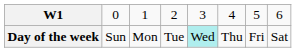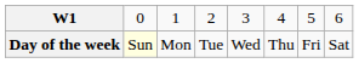 <table class="wikitable">
 <tr style="text-align:center;">
 <th>W1</th>
 <td>0</td>
 <td>1</td>
 <td>2</td>
 <td>3</td>
 <td>4</td>
 <td>5</td>
 <td>6</td>
 </tr>
 <tr>
 <th>Day of the week</th>
-<td>Sun</td>
+<td style="background: lightyellow;">Sun</td>
 <td>Mon</td>
 <td>Tue</td>
-<td style="background: paleturquoise;">Wed</td>
+<td>Wed</td>
 <td>Thu</td>
 <td>Fri</td>
 <td>Sat</td>
 </tr>
 </table>
